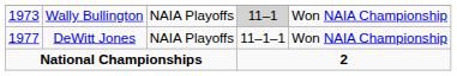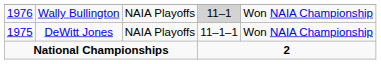 <table class="wikitable" style="text-align:center;">
 <tr>
 </tr>
 <tr style="text-align:center;">
-<td><a href='#'>1973</a></td>
+<td><a href='#'>1976</a></td>
 <td><a href='#'>Wally Bullington</a></td>
 <td>NAIA Playoffs</td>
 <td style="background: lightgrey;">11–1</td>
 <td>Won <a href='#'>NAIA Championship</a></td>
 </tr>
 <tr align="center">
-<td><a href='#'>1977</a></td>
+<td><a href='#'>1975</a></td>
 <td><a href='#'>DeWitt Jones</a></td>
 <td>NAIA Playoffs</td>
 <td>11–1–1</td>
 <td>Won <a href='#'>NAIA Championship</a></td>
 </tr>
 <tr align="center">
 <td colspan=3><strong>National Championships</strong></td>
 <td colspan=3><strong>2</strong></td>
 </tr>
 </table>
